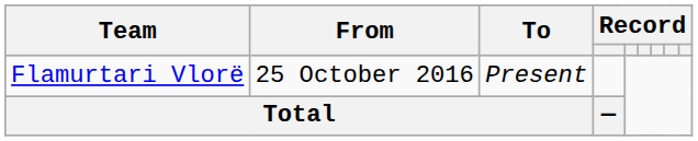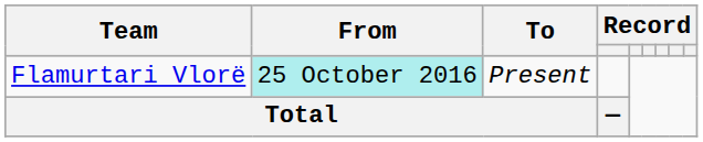 <table class="wikitable" style="text-align: center">
 <tr>
 <th rowspan="2">Team</th>
 <th rowspan="2">From</th>
 <th rowspan="2">To</th>
 <th colspan="6">Record</th>
 </tr>
 <tr>
 <th></th>
 <th></th>
 <th></th>
 <th></th>
 <th></th>
 <th></th>
 </tr>
 <tr>
 <td><a href='#'>Flamurtari Vlorë</a></td>
-<td>25 October 2016</td>
+<td style="background: paleturquoise;">25 October 2016</td>
 <td><em>Present</em><br></td>
 <td></td>
 </tr>
 <tr>
 <th colspan="3">Total<br></th>
 <th>—</th>
 </tr>
 </table>
